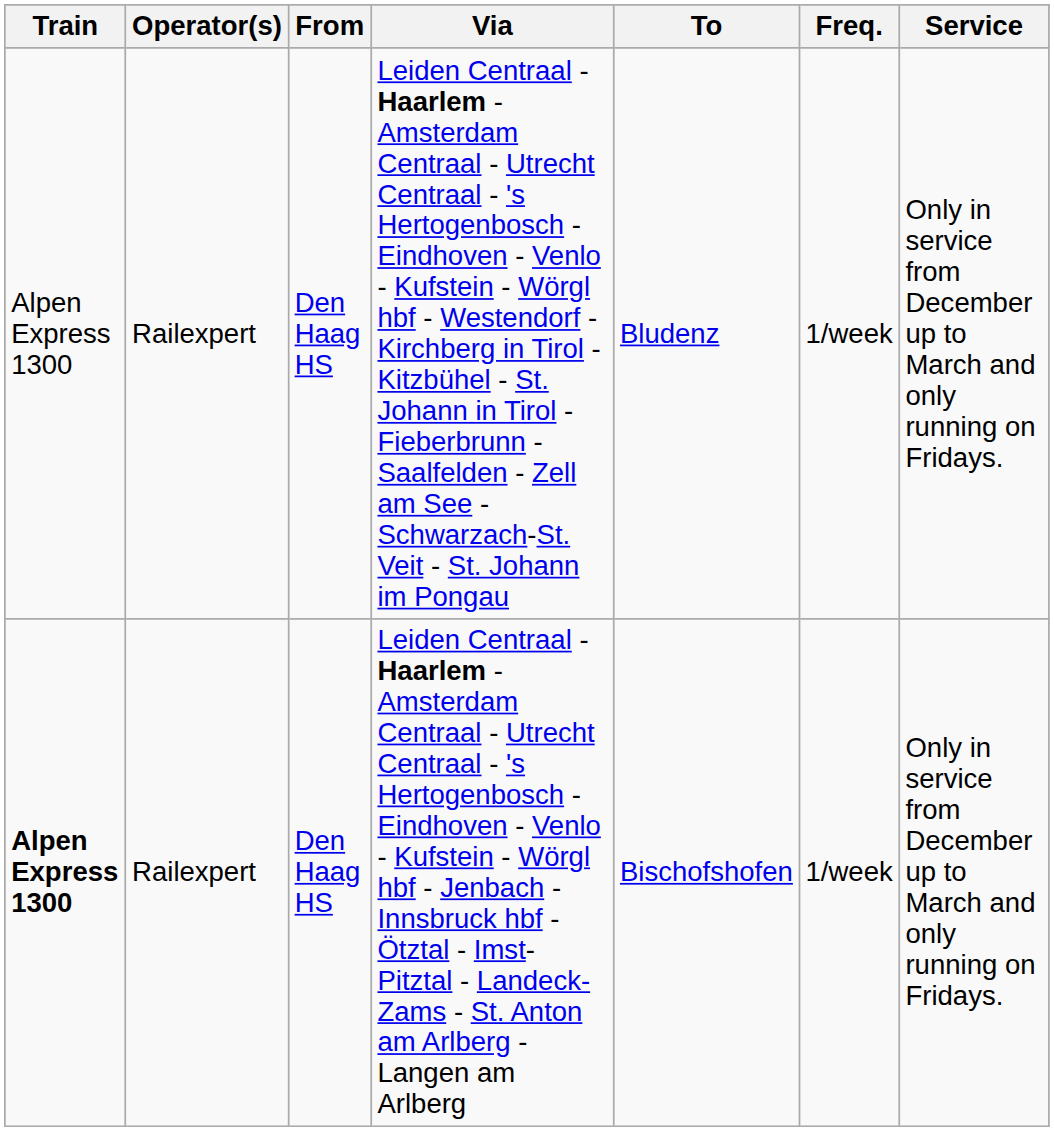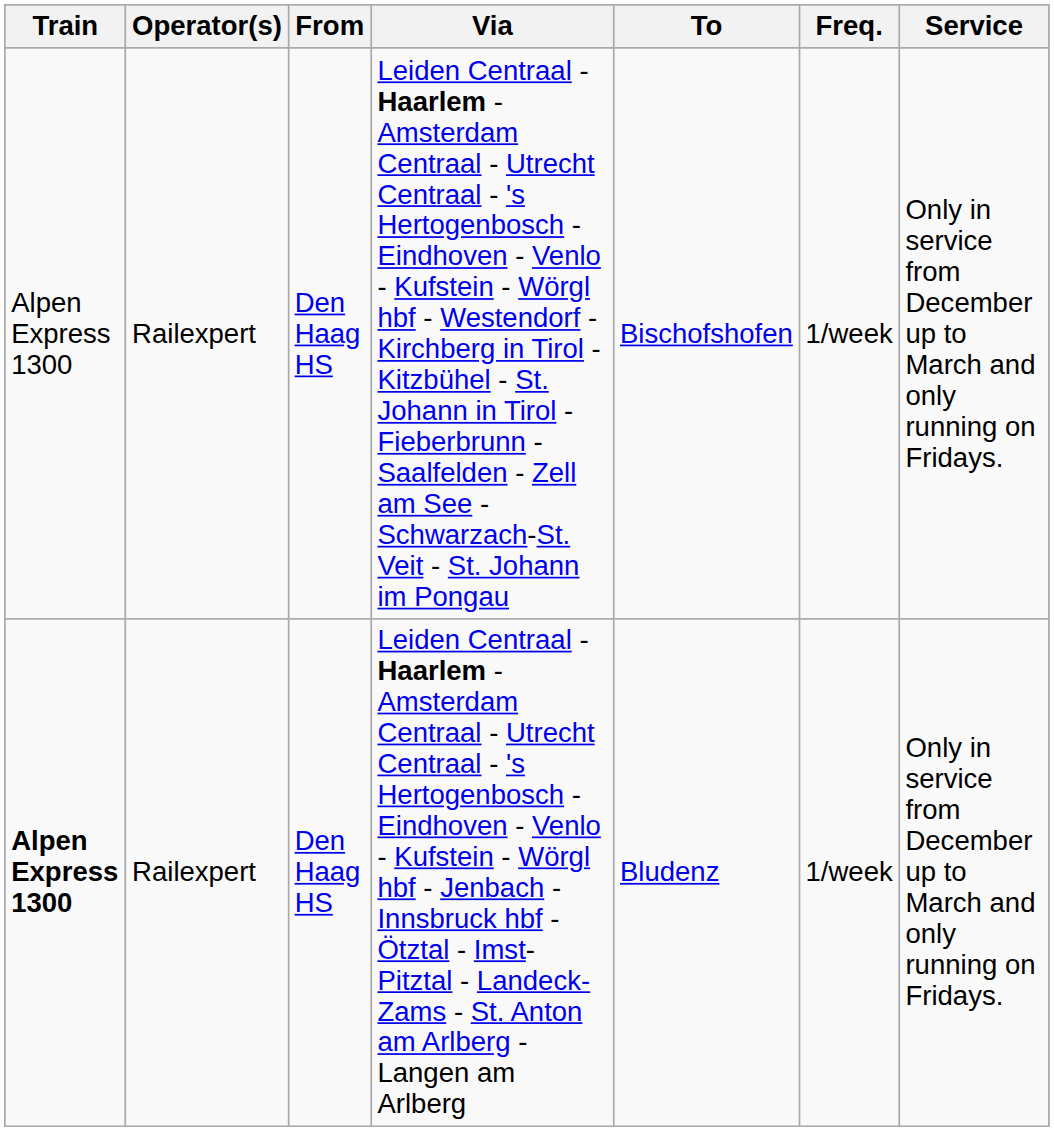 <table class="wikitable">
 <tr>
 <th>Train</th>
 <th>Operator(s)</th>
 <th>From</th>
 <th>Via</th>
 <th>To</th>
 <th>Freq.</th>
 <th>Service</th>
 </tr>
 <tr>
 <td>Alpen Express<br>1300</td>
 <td>Railexpert</td>
 <td><a href='#'>Den Haag HS</a></td>
 <td><a href='#'>Leiden Centraal</a> - <strong>Haarlem</strong> - <a href='#'>Amsterdam Centraal</a> - <a href='#'>Utrecht Centraal</a> - <a href='#'>'s Hertogenbosch</a> - <a href='#'>Eindhoven</a> - <a href='#'>Venlo</a> - <a href='#'>Kufstein</a> - <a href='#'>Wörgl hbf</a> - <a href='#'>Westendorf</a> - <a href='#'>Kirchberg in Tirol</a> - <a href='#'>Kitzbühel</a> - <a href='#'>St. Johann in Tirol</a> - <a href='#'>Fieberbrunn</a> - <a href='#'>Saalfelden</a> - <a href='#'>Zell am See</a> - <a href='#'>Schwarzach</a>-<a href='#'>St. Veit</a> - <a href='#'>St. Johann im Pongau</a></td>
-<td><a href='#'>Bludenz</a></td>
+<td><a href='#'>Bischofshofen</a></td>
 <td>1/week</td>
 <td>Only in service from December up to March and only running on Fridays.</td>
 </tr>
 <tr>
 <td><strong>Alpen Express<br>1300</strong></td>
 <td>Railexpert</td>
 <td><a href='#'>Den Haag HS</a></td>
 <td><a href='#'>Leiden Centraal</a> - <strong>Haarlem</strong> - <a href='#'>Amsterdam Centraal</a> - <a href='#'>Utrecht Centraal</a> - <a href='#'>'s Hertogenbosch</a> - <a href='#'>Eindhoven</a> - <a href='#'>Venlo</a> - <a href='#'>Kufstein</a> - <a href='#'>Wörgl hbf</a> - <a href='#'>Jenbach</a> - <a href='#'>Innsbruck hbf</a> - <a href='#'>Ötztal</a> - <a href='#'>Imst</a>-<a href='#'>Pitztal</a> - <a href='#'>Landeck-Zams</a> - <a href='#'>St. Anton am Arlberg</a> - Langen am Arlberg</td>
-<td><a href='#'>Bischofshofen</a></td>
+<td><a href='#'>Bludenz</a></td>
 <td>1/week</td>
 <td>Only in service from December up to March and only running on Fridays.</td>
 </tr>
 </table>
